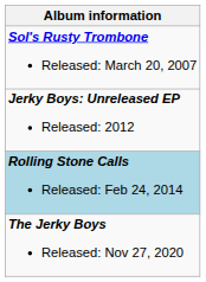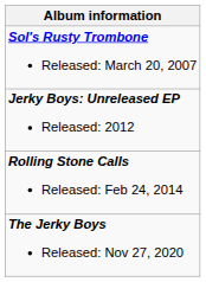 <table class="wikitable">
 <tr>
 <th align="left">Album information</th>
 </tr>
 <tr>
 <td align="left"><strong><em><a href='#'>Sol's Rusty Trombone</a></em></strong><br><ul><li>Released: March 20, 2007</li></ul></td>
 </tr>
 <tr>
 <td align="left"><strong><em>Jerky Boys: Unreleased EP</em></strong><br><ul><li>Released: 2012</li></ul></td>
 </tr>
 <tr>
-<td align="left" style="background: lightblue;"><strong><em>Rolling Stone Calls</em></strong><br><ul><li>Released: Feb 24, 2014</li></ul></td>
+<td align="left"><strong><em>Rolling Stone Calls</em></strong><br><ul><li>Released: Feb 24, 2014</li></ul></td>
 </tr>
 <tr>
 <td align="left"><strong><em>The Jerky Boys</em></strong><br><ul><li>Released: Nov 27, 2020</li></ul></td>
 </tr>
 </table>
